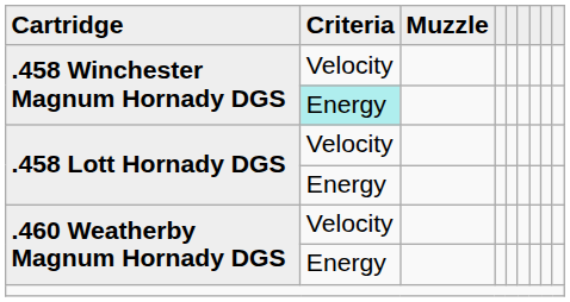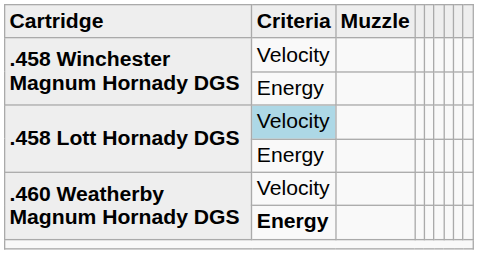 <table class="wikitable" border="1">
 <tr>
 <td style="background: #eeeeee" width="180pt"><strong>Cartridge</strong></td>
 <td style="background: #eeeeee"><strong>Criteria</strong></td>
 <td style="background: #eeeeee"><strong>Muzzle</strong></td>
 <td style="background: #eeeeee"><strong></strong></td>
 <td style="background: #eeeeee"><strong></strong></td>
 <td style="background: #eeeeee"><strong></strong></td>
 <td style="background: #eeeeee"><strong></strong></td>
 <td style="background: #eeeeee"><strong></strong></td>
 <td style="background: #eeeeee"><strong></strong></td>
 </tr>
 <tr>
 <td style="background: #eeeeee" rowspan="2"><strong>.458 Winchester Magnum Hornady  DGS</strong></td>
 <td>Velocity</td>
 <td></td>
 <td></td>
 <td></td>
 <td></td>
 <td></td>
 <td></td>
 <td></td>
 </tr>
 <tr>
-<td style="background: paleturquoise;">Energy</td>
+<td>Energy</td>
 <td></td>
 <td></td>
 <td></td>
 <td></td>
 <td></td>
 <td></td>
 <td></td>
 </tr>
 <tr>
 <td style="background: #eeeeee" rowspan="2"><strong>.458 Lott Hornady  DGS</strong></td>
-<td>Velocity</td>
+<td style="background: lightblue;">Velocity</td>
 <td></td>
 <td></td>
 <td></td>
 <td></td>
 <td></td>
 <td></td>
 <td></td>
 </tr>
 <tr>
 <td>Energy</td>
 <td></td>
 <td></td>
 <td></td>
 <td></td>
 <td></td>
 <td></td>
 <td></td>
 </tr>
 <tr>
 <td style="background: #eeeeee" rowspan="2"><strong>.460 Weatherby Magnum Hornady  DGS</strong></td>
 <td>Velocity</td>
 <td></td>
 <td></td>
 <td></td>
 <td></td>
 <td></td>
 <td></td>
 <td></td>
 </tr>
 <tr>
-<td>Energy</td>
+<td><strong>Energy</strong></td>
 <td></td>
 <td></td>
 <td></td>
 <td></td>
 <td></td>
 <td></td>
 <td></td>
 </tr>
 <tr>
 <td colspan="9" align="center"></td>
 </tr>
 </table>
